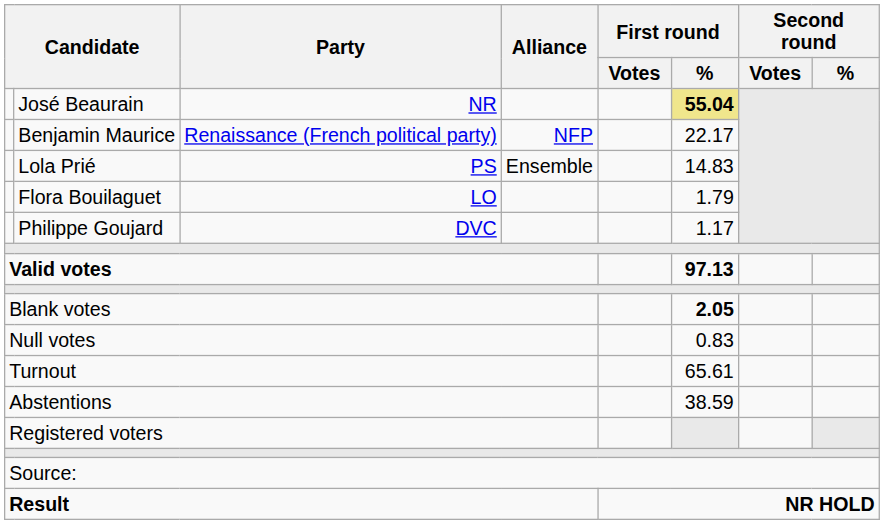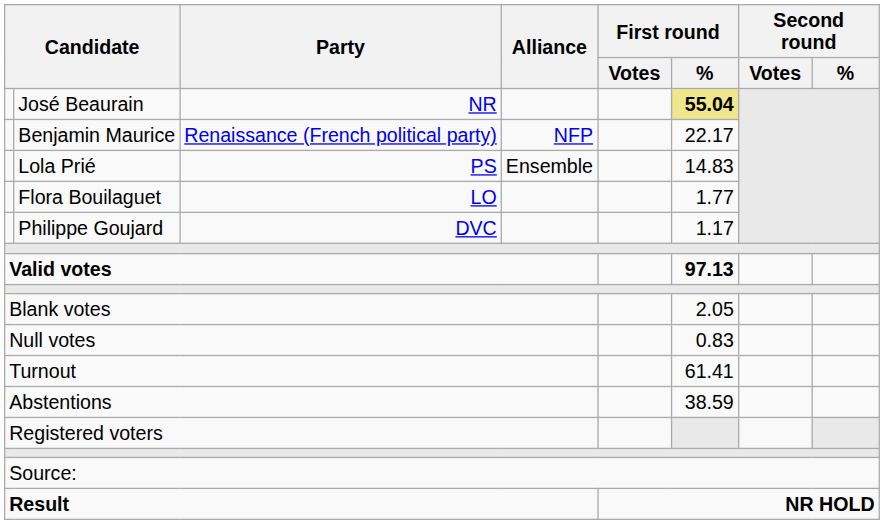 <table class="wikitable" style="text-align:right;font-size:95%;">
 <tr>
 <th colspan="2" rowspan="2">Candidate</th>
 <th colspan="1" rowspan="2">Party</th>
 <th colspan="1" rowspan="2">Alliance</th>
 <th colspan="2">First round</th>
 <th colspan="2">Second round</th>
 </tr>
 <tr>
 <th style="width:50px;">Votes</th>
 <th style="width:45px;">%</th>
 <th style="width:50px;">Votes</th>
 <th style="width:45px;">%</th>
 </tr>
 <tr>
 <td style="color:inherit;background:"></td>
 <td style="text-align:left;">José Beaurain</td>
 <td><a href='#'>NR</a></td>
 <td></td>
 <td><strong></strong></td>
 <td style="background: khaki;"><strong>55.04</strong></td>
 <td colspan="2" rowspan="5" style="background:#E9E9E9;"></td>
 </tr>
 <tr>
 <td style="color:inherit;background:"></td>
 <td style="text-align:left;">Benjamin Maurice</td>
 <td><a href='#'>Renaissance (French political party)</a></td>
 <td><a href='#'>NFP</a></td>
 <td></td>
 <td>22.17</td>
 </tr>
 <tr>
 <td style="color:inherit;background:"></td>
 <td style="text-align:left;">Lola Prié</td>
 <td><a href='#'>PS</a></td>
 <td Together (coalition)>Ensemble</td>
 <td></td>
 <td>14.83</td>
 </tr>
 <tr>
 <td style="color:inherit;background:"></td>
 <td style="text-align:left;">Flora Bouilaguet</td>
 <td><a href='#'>LO</a></td>
 <td></td>
 <td></td>
-<td>1.79</td>
+<td>1.77</td>
 </tr>
 <tr>
 <td style="color:inherit;background:"></td>
 <td style="text-align:left;">Philippe Goujard</td>
 <td><a href='#'>DVC</a></td>
 <td></td>
 <td></td>
 <td>1.17</td>
 </tr>
 <tr>
 <td colspan="8" style="background:#E9E9E9;"></td>
 </tr>
 <tr style="font-weight:bold;">
 <td colspan="4" style="text-align:left;">Valid votes</td>
 <td></td>
 <td>97.13</td>
 <td></td>
 <td></td>
 </tr>
 <tr>
 <td colspan="8" style="background:#E9E9E9;"></td>
 </tr>
 <tr>
 <td colspan="4" style="text-align:left;">Blank votes</td>
 <td></td>
-<td><strong>2.05</strong></td>
+<td>2.05</td>
 <td></td>
 <td></td>
 </tr>
 <tr>
 <td colspan="4" style="text-align:left;">Null votes</td>
 <td></td>
 <td>0.83</td>
 <td></td>
 <td></td>
 </tr>
 <tr>
 <td colspan="4" style="text-align:left;">Turnout</td>
 <td></td>
-<td>65.61</td>
+<td>61.41</td>
 <td></td>
 <td></td>
 </tr>
 <tr>
 <td colspan="4" style="text-align:left;">Abstentions</td>
 <td></td>
 <td>38.59</td>
 <td></td>
 <td></td>
 </tr>
 <tr>
 <td colspan="4" style="text-align:left;">Registered voters</td>
 <td></td>
 <td style="background:#E9E9E9;"></td>
 <td></td>
 <td style="background:#E9E9E9;"></td>
 </tr>
 <tr>
 <td colspan="8" style="background:#E9E9E9;"></td>
 </tr>
 <tr>
 <td colspan="8" style="text-align:left;">Source: </td>
 </tr>
 <tr style="font-weight:bold">
 <td colspan="4" style="text-align:left;">Result</td>
 <td colspan="4" style="background-color:">NR HOLD</td>
 </tr>
 </table>
